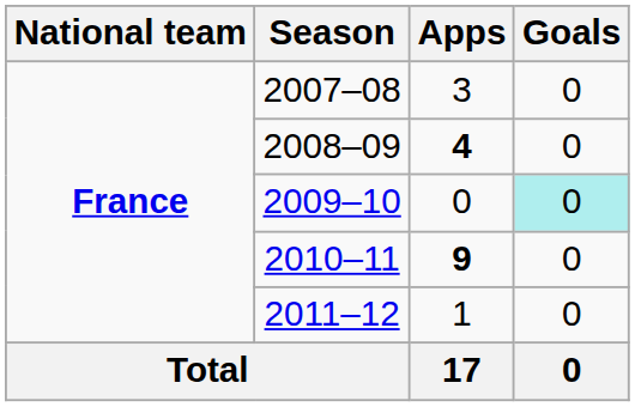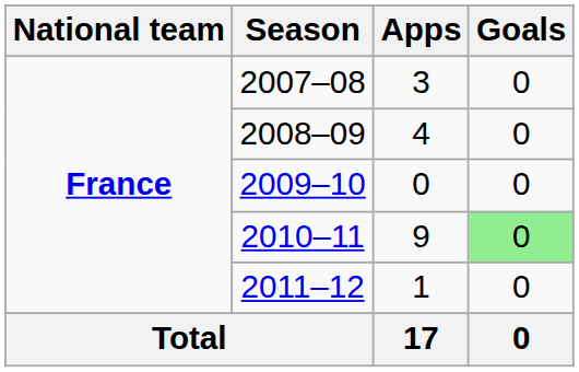 <table class="wikitable" style="text-align:center">
 <tr>
 <th>National team</th>
 <th>Season</th>
 <th>Apps</th>
 <th>Goals</th>
 </tr>
 <tr>
 <td rowspan=5 valign="center"><strong><a href='#'>France</a></strong></td>
 <td>2007–08</td>
 <td>3</td>
 <td>0</td>
 </tr>
 <tr>
 <td>2008–09</td>
-<td><strong>4</strong></td>
+<td>4</td>
 <td>0</td>
 </tr>
 <tr>
 <td><a href='#'>2009–10</a></td>
 <td>0</td>
-<td style="background: paleturquoise;">0</td>
+<td>0</td>
 </tr>
 <tr>
 <td><a href='#'>2010–11</a></td>
-<td><strong>9</strong></td>
-<td>0</td>
+<td>9</td>
+<td style="background: lightgreen;">0</td>
 </tr>
 <tr>
 <td><a href='#'>2011–12</a></td>
 <td>1</td>
 <td>0</td>
 </tr>
 <tr>
 <th colspan=2>Total</th>
 <th>17</th>
 <th>0</th>
 </tr>
 </table>
